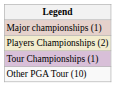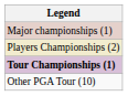 <table class="wikitable" style="font-size:95%;">
 <tr>
 <th>Legend</th>
 </tr>
 <tr style="background:#e5d1cb;">
 <td>Major championships (1)</td>
 </tr>
 <tr style="background:#f2ecce;">
 <td>Players Championships (2)</td>
 </tr>
 <tr style="background:thistle;">
-<td>Tour Championships (1)</td>
+<td><strong>Tour Championships (1)</strong></td>
 </tr>
 <tr>
 <td>Other PGA Tour (10)</td>
 </tr>
 </table>
